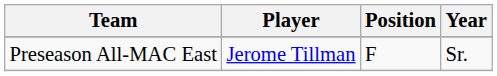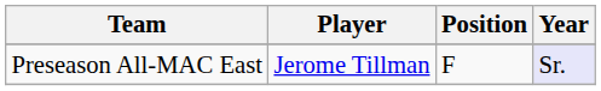 <table class="wikitable" border="1">
 <tr align=center>
 <th style= >Team</th>
 <th style= >Player</th>
 <th style= >Position</th>
 <th style= >Year</th>
 </tr>
 <tr align="center">
 </tr>
 <tr>
 <td>Preseason All-MAC East</td>
 <td><a href='#'>Jerome Tillman</a></td>
 <td>F</td>
-<td>Sr.</td>
+<td style="background: lavender;">Sr.</td>
 </tr>
 <tr>
 </tr>
 <tr>
 </tr>
 </table>
